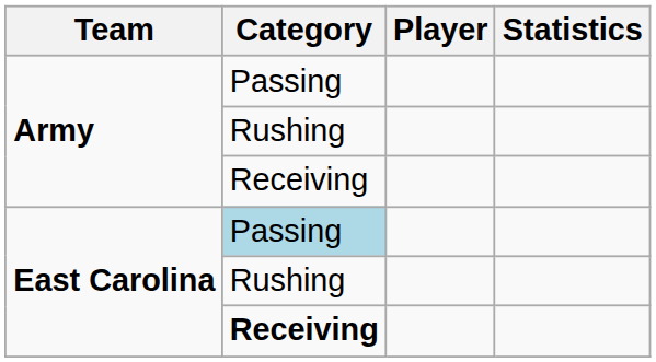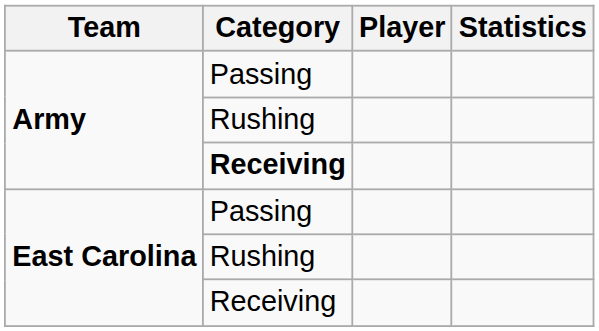 <table class="wikitable" style="float: right;">
 <tr>
 <th>Team</th>
 <th>Category</th>
 <th>Player</th>
 <th>Statistics</th>
 </tr>
 <tr>
 <td rowspan=3><strong>Army</strong></td>
 <td>Passing</td>
 <td></td>
 <td></td>
 </tr>
 <tr>
 <td>Rushing</td>
 <td></td>
 <td></td>
 </tr>
 <tr>
-<td>Receiving</td>
+<td><strong>Receiving</strong></td>
 <td></td>
 <td></td>
 </tr>
 <tr>
 <td rowspan=3><strong>East Carolina</strong></td>
-<td style="background: lightblue;">Passing</td>
+<td>Passing</td>
 <td></td>
 <td></td>
 </tr>
 <tr>
 <td>Rushing</td>
 <td></td>
 <td></td>
 </tr>
 <tr>
-<td><strong>Receiving</strong></td>
+<td>Receiving</td>
 <td></td>
 <td></td>
 </tr>
 </table>
